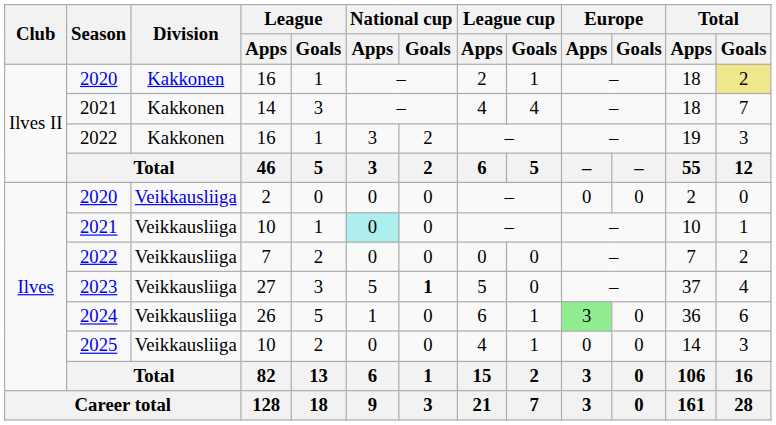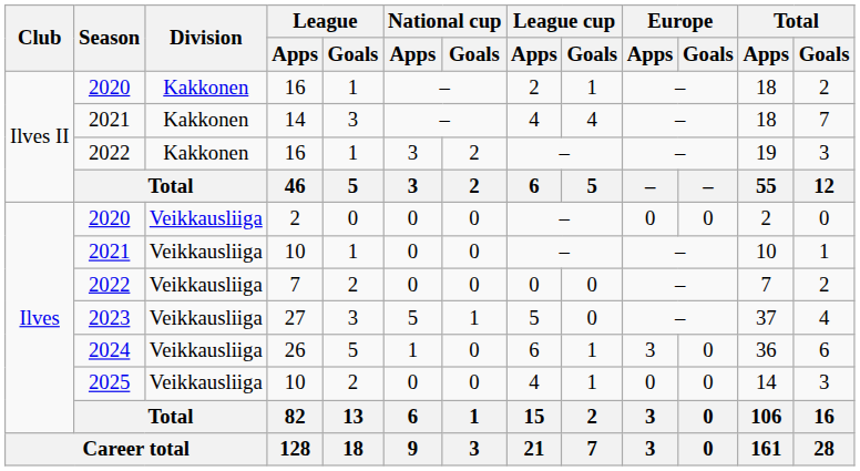 <table class="wikitable" style="text-align:center">
 <tr>
 <th rowspan="2">Club</th>
 <th rowspan="2">Season</th>
 <th rowspan="2">Division</th>
 <th colspan="2">League</th>
 <th colspan="2">National cup</th>
 <th colspan="2">League cup</th>
 <th colspan="2">Europe</th>
 <th colspan="2">Total</th>
 </tr>
 <tr>
 <th>Apps</th>
 <th>Goals</th>
 <th>Apps</th>
 <th>Goals</th>
 <th>Apps</th>
 <th>Goals</th>
 <th>Apps</th>
 <th>Goals</th>
 <th>Apps</th>
 <th>Goals</th>
 </tr>
 <tr>
 <td rowspan="4">Ilves II</td>
 <td><a href='#'>2020</a></td>
 <td><a href='#'>Kakkonen</a></td>
 <td>16</td>
 <td>1</td>
 <td colspan="2">–</td>
 <td>2</td>
 <td>1</td>
 <td colspan="2">–</td>
 <td>18</td>
-<td style="background: khaki;">2</td>
+<td>2</td>
 </tr>
 <tr>
 <td>2021</td>
 <td>Kakkonen</td>
 <td>14</td>
 <td>3</td>
 <td colspan="2">–</td>
 <td>4</td>
 <td>4</td>
 <td colspan="2">–</td>
 <td>18</td>
 <td>7</td>
 </tr>
 <tr>
 <td>2022</td>
 <td>Kakkonen</td>
 <td>16</td>
 <td>1</td>
 <td>3</td>
 <td>2</td>
 <td colspan="2">–</td>
 <td colspan="2">–</td>
 <td>19</td>
 <td>3</td>
 </tr>
 <tr>
 <th colspan="2">Total</th>
 <th>46</th>
 <th>5</th>
 <th>3</th>
 <th>2</th>
 <th>6</th>
 <th>5</th>
 <th>–</th>
 <th>–</th>
 <th>55</th>
 <th>12</th>
 </tr>
 <tr>
 <td rowspan="7"><a href='#'>Ilves</a></td>
 <td><a href='#'>2020</a></td>
 <td><a href='#'>Veikkausliiga</a></td>
 <td>2</td>
 <td>0</td>
 <td>0</td>
 <td>0</td>
 <td colspan="2">–</td>
 <td>0</td>
 <td>0</td>
 <td>2</td>
 <td>0</td>
 </tr>
 <tr>
 <td><a href='#'>2021</a></td>
 <td>Veikkausliiga</td>
 <td>10</td>
 <td>1</td>
-<td style="background: paleturquoise;">0</td>
+<td>0</td>
 <td>0</td>
 <td colspan="2">–</td>
 <td colspan="2">–</td>
 <td>10</td>
 <td>1</td>
 </tr>
 <tr>
 <td><a href='#'>2022</a></td>
 <td>Veikkausliiga</td>
 <td>7</td>
 <td>2</td>
 <td>0</td>
 <td>0</td>
 <td>0</td>
 <td>0</td>
 <td colspan="2">–</td>
 <td>7</td>
 <td>2</td>
 </tr>
 <tr>
 <td><a href='#'>2023</a></td>
 <td>Veikkausliiga</td>
 <td>27</td>
 <td>3</td>
 <td>5</td>
-<td><strong>1</strong></td>
+<td>1</td>
 <td>5</td>
 <td>0</td>
 <td colspan="2">–</td>
 <td>37</td>
 <td>4</td>
 </tr>
 <tr>
 <td><a href='#'>2024</a></td>
 <td>Veikkausliiga</td>
 <td>26</td>
 <td>5</td>
 <td>1</td>
 <td>0</td>
 <td>6</td>
 <td>1</td>
-<td style="background: lightgreen;">3</td>
+<td>3</td>
 <td>0</td>
 <td>36</td>
 <td>6</td>
 </tr>
 <tr>
 <td><a href='#'>2025</a></td>
 <td>Veikkausliiga</td>
 <td>10</td>
 <td>2</td>
 <td>0</td>
 <td>0</td>
 <td>4</td>
 <td>1</td>
 <td>0</td>
 <td>0</td>
 <td>14</td>
 <td>3</td>
 </tr>
 <tr>
 <th colspan="2">Total</th>
 <th>82</th>
 <th>13</th>
 <th>6</th>
 <th>1</th>
 <th>15</th>
 <th>2</th>
 <th>3</th>
 <th>0</th>
 <th>106</th>
 <th>16</th>
 </tr>
 <tr>
 <th colspan="3">Career total</th>
 <th>128</th>
 <th>18</th>
 <th>9</th>
 <th>3</th>
 <th>21</th>
 <th>7</th>
 <th>3</th>
 <th>0</th>
 <th>161</th>
 <th>28</th>
 </tr>
 </table>
